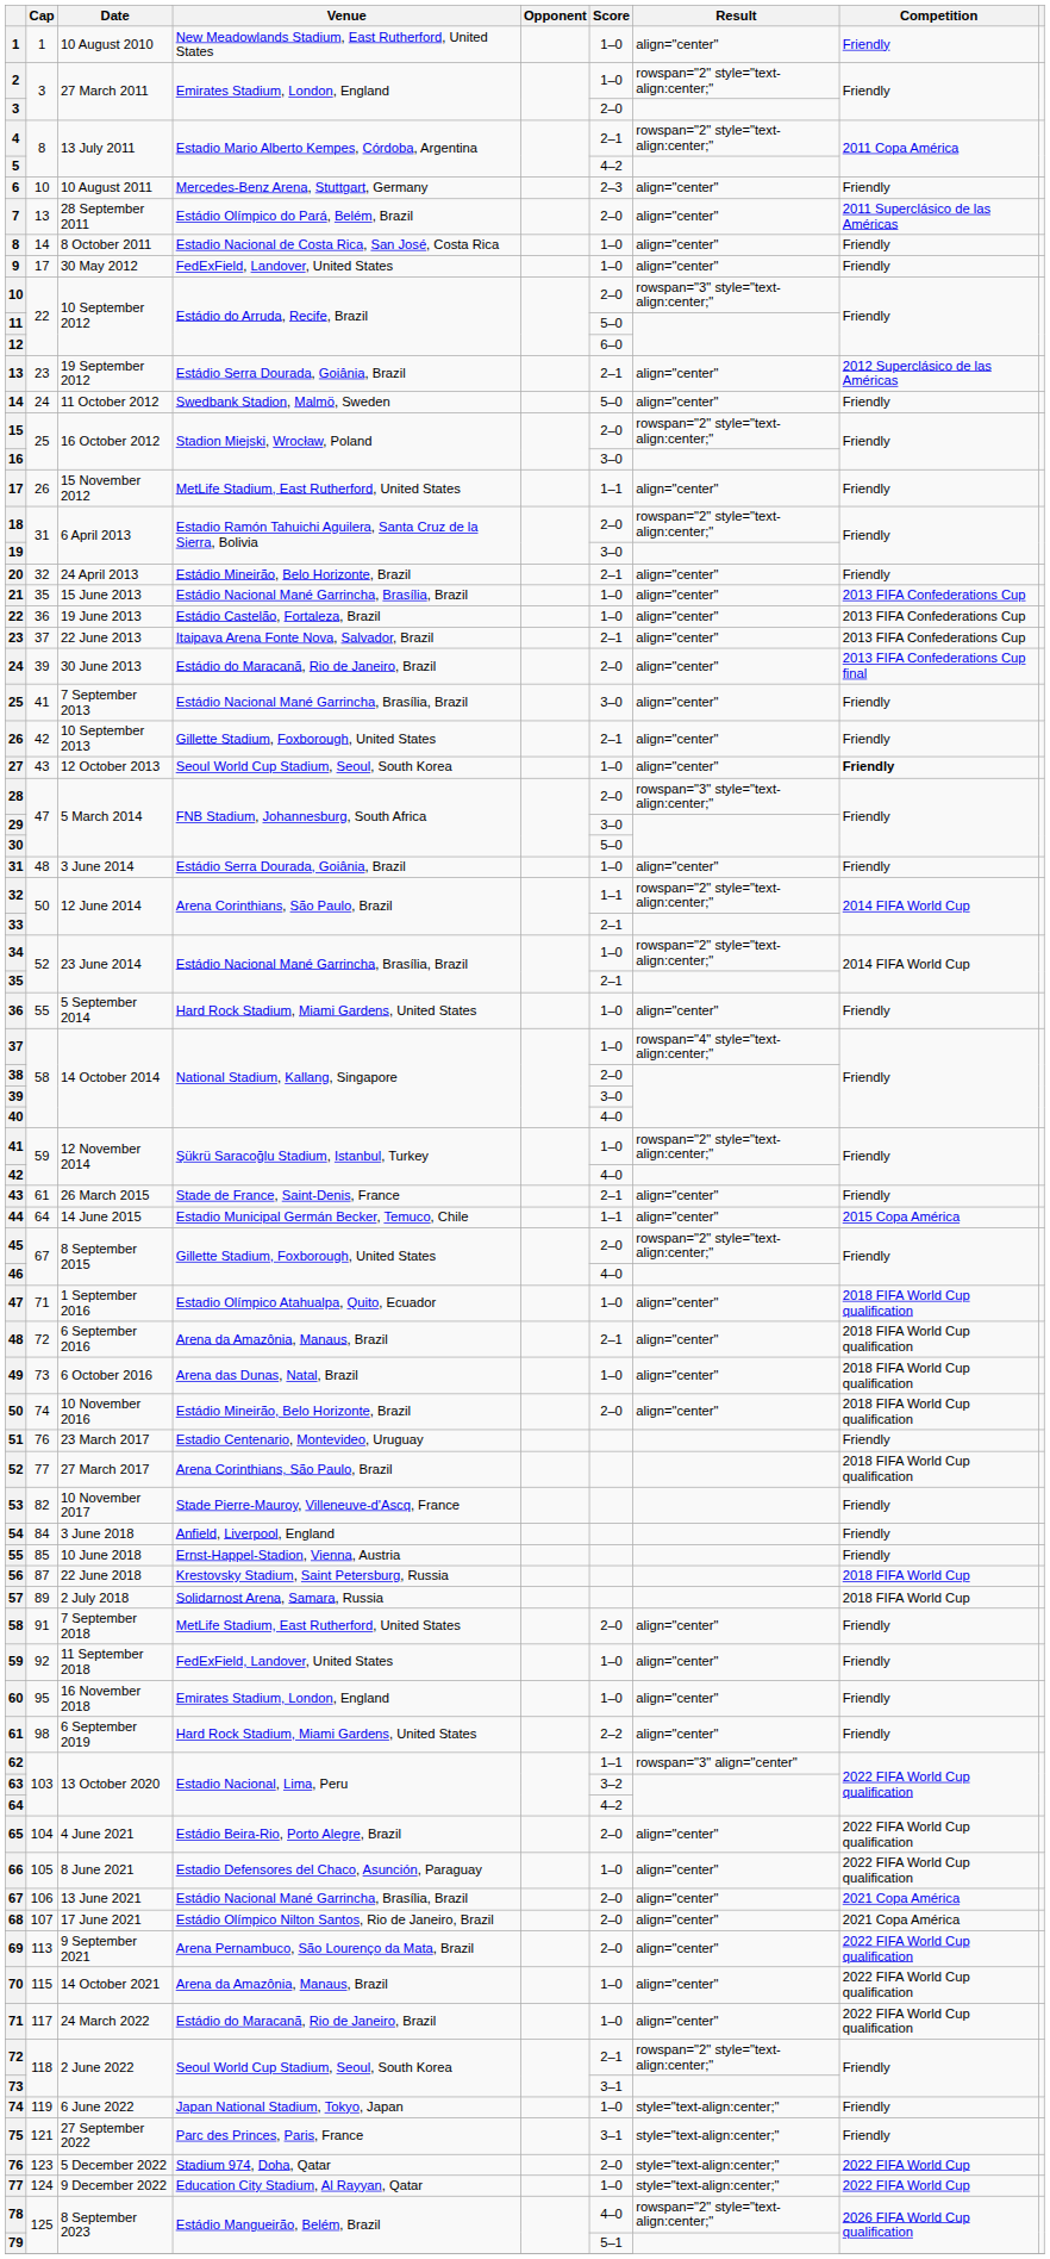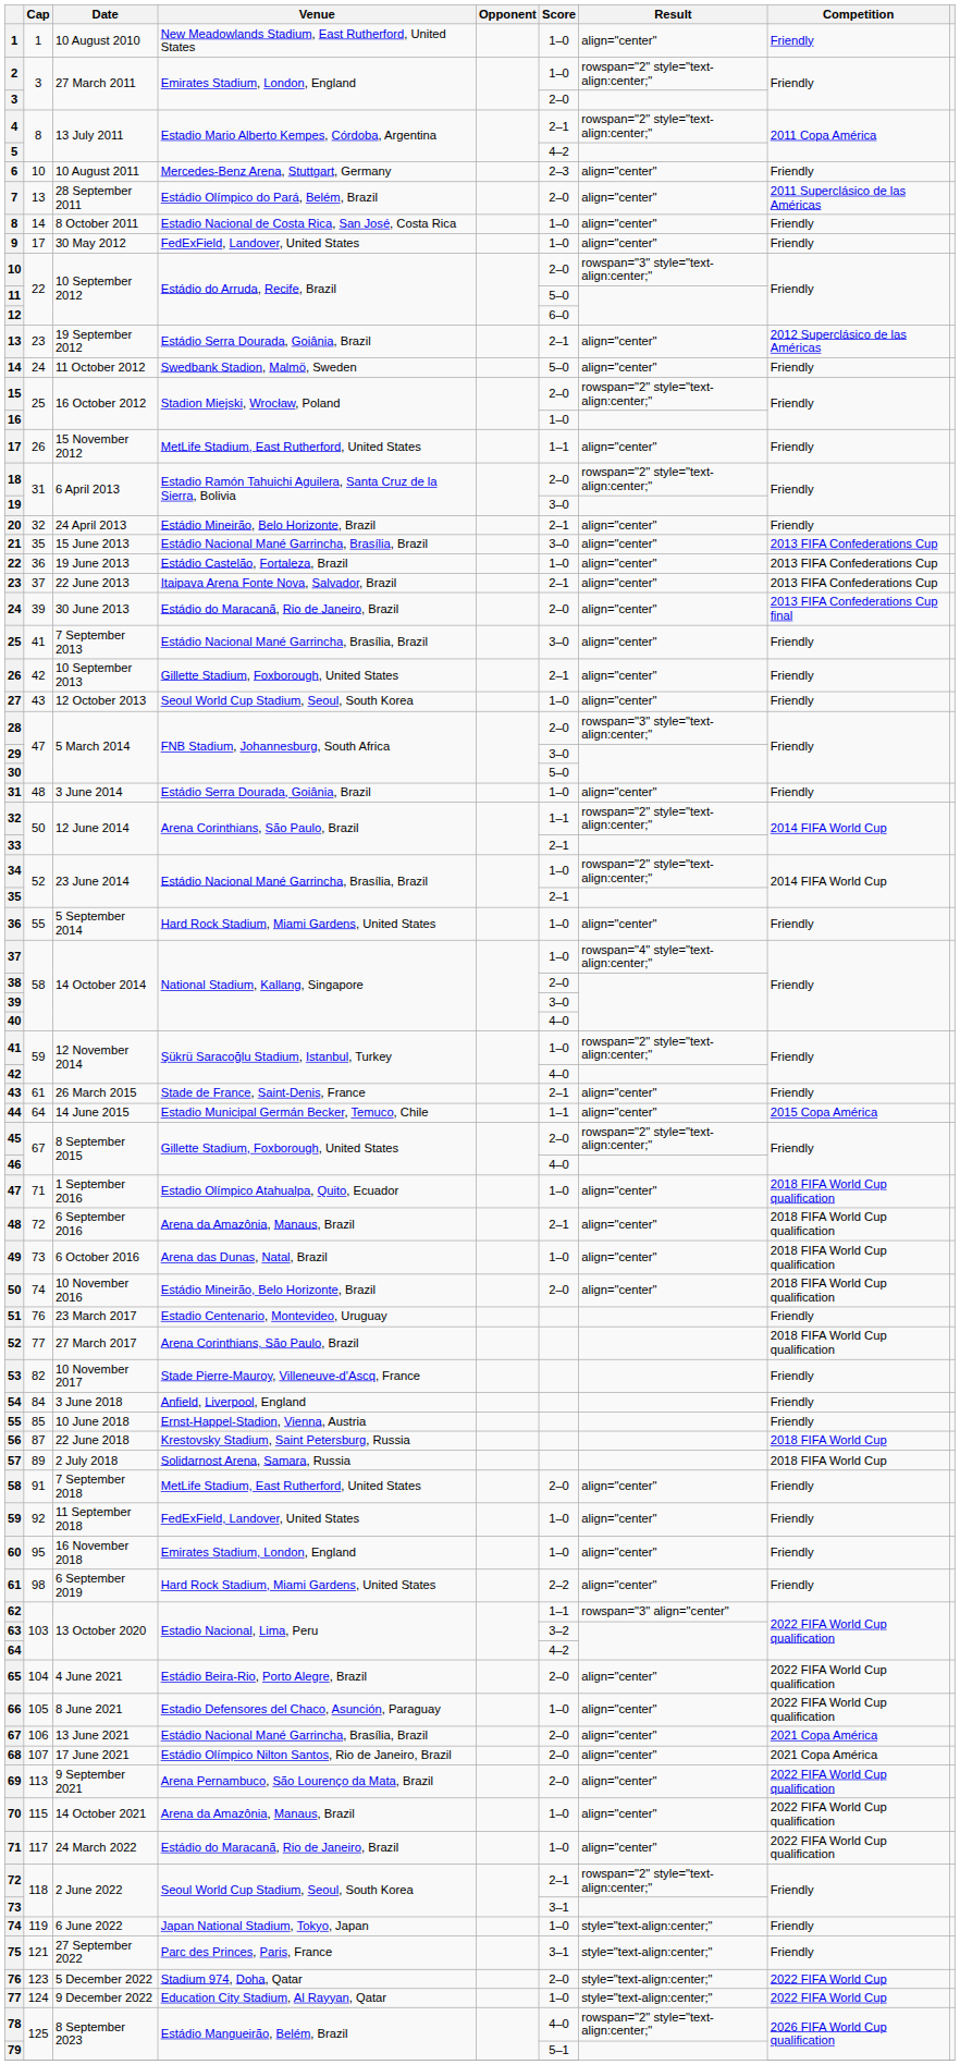 <table class="wikitable sortable">
 <tr>
 <th scope="col"></th>
 <th scope="col">Cap</th>
 <th scope="col">Date</th>
 <th scope="col">Venue</th>
 <th scope="col">Opponent</th>
 <th scope="col">Score</th>
 <th scope="col">Result</th>
 <th scope="col">Competition</th>
 <th scope="col" class="unsortable"></th>
 </tr>
 <tr>
 <th scope="row">1</th>
 <td align="center">1</td>
 <td>10 August 2010</td>
 <td><a href='#'>New Meadowlands Stadium</a>, <a href='#'>East Rutherford</a>, United States</td>
 <td></td>
 <td align="center">1–0</td>
 <td>align="center" </td>
 <td><a href='#'>Friendly</a></td>
 <td></td>
 </tr>
 <tr>
 <th scope="row">2</th>
 <td rowspan="2" align="center">3</td>
 <td rowspan="2">27 March 2011</td>
 <td rowspan="2"><a href='#'>Emirates Stadium</a>, <a href='#'>London</a>, England</td>
 <td rowspan="2"></td>
 <td align="center">1–0</td>
 <td>rowspan="2" style="text-align:center;" </td>
 <td rowspan="2">Friendly</td>
 <td rowspan="2"></td>
 </tr>
 <tr>
 <th scope="row">3</th>
 <td align="center">2–0</td>
 </tr>
 <tr>
 <th scope="row">4</th>
 <td rowspan="2" align="center">8</td>
 <td rowspan="2">13 July 2011</td>
 <td rowspan="2"><a href='#'>Estadio Mario Alberto Kempes</a>, <a href='#'>Córdoba</a>, Argentina</td>
 <td rowspan="2"></td>
 <td align="center">2–1</td>
 <td>rowspan="2" style="text-align:center;" </td>
 <td rowspan="2"><a href='#'>2011 Copa América</a></td>
 <td rowspan="2"></td>
 </tr>
 <tr>
 <th scope="row">5</th>
 <td align="center">4–2</td>
 </tr>
 <tr>
 <th scope="row">6</th>
 <td align="center">10</td>
 <td>10 August 2011</td>
 <td><a href='#'>Mercedes-Benz Arena</a>, <a href='#'>Stuttgart</a>, Germany</td>
 <td></td>
 <td align="center">2–3</td>
 <td>align="center" </td>
 <td>Friendly</td>
 <td></td>
 </tr>
 <tr>
 <th scope="row">7</th>
 <td align="center">13</td>
 <td>28 September 2011</td>
 <td><a href='#'>Estádio Olímpico do Pará</a>, <a href='#'>Belém</a>, Brazil</td>
 <td></td>
 <td align="center">2–0</td>
 <td>align="center"</td>
 <td><a href='#'>2011 Superclásico de las Américas</a></td>
 <td></td>
 </tr>
 <tr>
 <th scope="row">8</th>
 <td align="center">14</td>
 <td>8 October 2011</td>
 <td><a href='#'>Estadio Nacional de Costa Rica</a>, <a href='#'>San José</a>, Costa Rica</td>
 <td></td>
 <td align="center">1–0</td>
 <td>align="center" </td>
 <td>Friendly</td>
 <td></td>
 </tr>
 <tr>
 <th scope="row">9</th>
 <td align="center">17</td>
 <td>30 May 2012</td>
 <td><a href='#'>FedExField</a>, <a href='#'>Landover</a>, United States</td>
 <td></td>
 <td align="center">1–0</td>
 <td>align="center" </td>
 <td>Friendly</td>
 <td></td>
 </tr>
 <tr>
 <th scope="row">10</th>
 <td rowspan="3" align="center">22</td>
 <td rowspan="3">10 September 2012</td>
 <td rowspan="3"><a href='#'>Estádio do Arruda</a>, <a href='#'>Recife</a>, Brazil</td>
 <td rowspan="3"></td>
 <td align="center">2–0</td>
 <td>rowspan="3" style="text-align:center;" </td>
 <td rowspan="3">Friendly</td>
 <td rowspan="3"></td>
 </tr>
 <tr>
 <th scope="row">11</th>
 <td align="center">5–0</td>
 </tr>
 <tr>
 <th scope="row">12</th>
 <td align="center">6–0</td>
 </tr>
 <tr>
 <th scope="row">13</th>
 <td align="center">23</td>
 <td>19 September 2012</td>
 <td><a href='#'>Estádio Serra Dourada</a>, <a href='#'>Goiânia</a>, Brazil</td>
 <td></td>
 <td align="center">2–1</td>
 <td>align="center" </td>
 <td><a href='#'>2012 Superclásico de las Américas</a></td>
 <td></td>
 </tr>
 <tr>
 <th scope="row">14</th>
 <td align="center">24</td>
 <td>11 October 2012</td>
 <td><a href='#'>Swedbank Stadion</a>, <a href='#'>Malmö</a>, Sweden</td>
 <td></td>
 <td align="center">5–0</td>
 <td>align="center" </td>
 <td>Friendly</td>
 <td></td>
 </tr>
 <tr>
 <th scope="row">15</th>
 <td rowspan="2" align="center">25</td>
 <td rowspan="2">16 October 2012</td>
 <td rowspan="2"><a href='#'>Stadion Miejski</a>, <a href='#'>Wrocław</a>, Poland</td>
 <td rowspan="2"></td>
 <td align="center">2–0</td>
 <td>rowspan="2" style="text-align:center;" </td>
 <td rowspan="2">Friendly</td>
 <td rowspan="2"></td>
 </tr>
 <tr>
 <th scope="row">16</th>
-<td align="center">3–0</td>
+<td align="center">1–0</td>
 </tr>
 <tr>
 <th scope="row">17</th>
 <td align="center">26</td>
 <td>15 November 2012</td>
 <td><a href='#'>MetLife Stadium, East Rutherford</a>, United States</td>
 <td></td>
 <td align="center">1–1</td>
 <td>align="center" </td>
 <td>Friendly</td>
 <td></td>
 </tr>
 <tr>
 <th scope="row">18</th>
 <td rowspan="2" align="center">31</td>
 <td rowspan="2">6 April 2013</td>
 <td rowspan="2"><a href='#'>Estadio Ramón Tahuichi Aguilera</a>, <a href='#'>Santa Cruz de la Sierra</a>, Bolivia</td>
 <td rowspan="2"></td>
 <td align="center">2–0</td>
 <td>rowspan="2" style="text-align:center;" </td>
 <td rowspan="2">Friendly</td>
 <td rowspan="2"></td>
 </tr>
 <tr>
 <th scope="row">19</th>
 <td align="center">3–0</td>
 </tr>
 <tr>
 <th scope="row">20</th>
 <td align="center">32</td>
 <td>24 April 2013</td>
 <td><a href='#'>Estádio Mineirão</a>, <a href='#'>Belo Horizonte</a>, Brazil</td>
 <td></td>
 <td align="center">2–1</td>
 <td>align="center" </td>
 <td>Friendly</td>
 <td></td>
 </tr>
 <tr>
 <th scope="row">21</th>
 <td align="center">35</td>
 <td>15 June 2013</td>
 <td><a href='#'>Estádio Nacional Mané Garrincha</a>, <a href='#'>Brasília</a>, Brazil</td>
 <td></td>
-<td align="center">1–0</td>
+<td align="center">3–0</td>
 <td>align="center" </td>
 <td><a href='#'>2013 FIFA Confederations Cup</a></td>
 <td></td>
 </tr>
 <tr>
 <th scope="row">22</th>
 <td align="center">36</td>
 <td>19 June 2013</td>
 <td><a href='#'>Estádio Castelão</a>, <a href='#'>Fortaleza</a>, Brazil</td>
 <td></td>
 <td align="center">1–0</td>
 <td>align="center" </td>
 <td>2013 FIFA Confederations Cup</td>
 <td></td>
 </tr>
 <tr>
 <th scope="row">23</th>
 <td align="center">37</td>
 <td>22 June 2013</td>
 <td><a href='#'>Itaipava Arena Fonte Nova</a>, <a href='#'>Salvador</a>, Brazil</td>
 <td></td>
 <td align="center">2–1</td>
 <td>align="center" </td>
 <td>2013 FIFA Confederations Cup</td>
 <td></td>
 </tr>
 <tr>
 <th scope="row">24</th>
 <td align="center">39</td>
 <td>30 June 2013</td>
 <td><a href='#'>Estádio do Maracanã</a>, <a href='#'>Rio de Janeiro</a>, Brazil</td>
 <td></td>
 <td align="center">2–0</td>
 <td>align="center" </td>
 <td><a href='#'>2013 FIFA Confederations Cup final</a></td>
 <td></td>
 </tr>
 <tr>
 <th scope="row">25</th>
 <td align="center">41</td>
 <td>7 September 2013</td>
 <td><a href='#'>Estádio Nacional Mané Garrincha</a>, Brasília, Brazil</td>
 <td></td>
 <td align="center">3–0</td>
 <td>align="center" </td>
 <td>Friendly</td>
 <td></td>
 </tr>
 <tr>
 <th scope="row">26</th>
 <td align="center">42</td>
 <td>10 September 2013</td>
 <td><a href='#'>Gillette Stadium</a>, <a href='#'>Foxborough</a>, United States</td>
 <td></td>
 <td align="center">2–1</td>
 <td>align="center" </td>
 <td>Friendly</td>
 <td></td>
 </tr>
 <tr>
 <th scope="row">27</th>
 <td align="center">43</td>
 <td>12 October 2013</td>
 <td><a href='#'>Seoul World Cup Stadium</a>, <a href='#'>Seoul</a>, South Korea</td>
 <td></td>
 <td align="center">1–0</td>
 <td>align="center" </td>
-<td><strong>Friendly</strong></td>
+<td>Friendly</td>
 <td></td>
 </tr>
 <tr>
 <th scope="row">28</th>
 <td rowspan="3" align="center">47</td>
 <td rowspan="3">5 March 2014</td>
 <td rowspan="3"><a href='#'>FNB Stadium</a>, <a href='#'>Johannesburg</a>, South Africa</td>
 <td rowspan="3"></td>
 <td align="center">2–0</td>
 <td>rowspan="3" style="text-align:center;" </td>
 <td rowspan="3">Friendly</td>
 <td rowspan="3"></td>
 </tr>
 <tr>
 <th scope="row">29</th>
 <td align="center">3–0</td>
 </tr>
 <tr>
 <th scope="row">30</th>
 <td align="center">5–0</td>
 </tr>
 <tr>
 <th scope="row">31</th>
 <td align="center">48</td>
 <td>3 June 2014</td>
 <td><a href='#'>Estádio Serra Dourada, Goiânia</a>, Brazil</td>
 <td></td>
 <td align="center">1–0</td>
 <td>align="center" </td>
 <td>Friendly</td>
 <td></td>
 </tr>
 <tr>
 <th scope="row">32</th>
 <td rowspan="2" align="center">50</td>
 <td rowspan="2">12 June 2014</td>
 <td rowspan="2"><a href='#'>Arena Corinthians</a>, <a href='#'>São Paulo</a>, Brazil</td>
 <td rowspan="2"></td>
 <td align="center">1–1</td>
 <td>rowspan="2" style="text-align:center;" </td>
 <td rowspan="2"><a href='#'>2014 FIFA World Cup</a></td>
 <td rowspan="2"></td>
 </tr>
 <tr>
 <th scope="row">33</th>
 <td align="center">2–1</td>
 </tr>
 <tr>
 <th scope="row">34</th>
 <td rowspan="2" align="center">52</td>
 <td rowspan="2">23 June 2014</td>
 <td rowspan="2"><a href='#'>Estádio Nacional Mané Garrincha</a>, Brasília, Brazil</td>
 <td rowspan="2"></td>
 <td align="center">1–0</td>
 <td>rowspan="2" style="text-align:center;" </td>
 <td rowspan="2">2014 FIFA World Cup</td>
 <td rowspan="2"></td>
 </tr>
 <tr>
 <th scope="row">35</th>
 <td align="center">2–1</td>
 </tr>
 <tr>
 <th scope="row">36</th>
 <td align="center">55</td>
 <td>5 September 2014</td>
 <td><a href='#'>Hard Rock Stadium</a>, <a href='#'>Miami Gardens</a>, United States</td>
 <td></td>
 <td align="center">1–0</td>
 <td>align="center" </td>
 <td>Friendly</td>
 <td></td>
 </tr>
 <tr>
 <th scope="row">37</th>
 <td rowspan="4" align="center">58</td>
 <td rowspan="4">14 October 2014</td>
 <td rowspan="4"><a href='#'>National Stadium</a>, <a href='#'>Kallang</a>, Singapore</td>
 <td rowspan="4"></td>
 <td align="center">1–0</td>
 <td>rowspan="4" style="text-align:center;" </td>
 <td rowspan="4">Friendly</td>
 <td rowspan="4"></td>
 </tr>
 <tr>
 <th scope="row">38</th>
 <td align="center">2–0</td>
 </tr>
 <tr>
 <th scope="row">39</th>
 <td align="center">3–0</td>
 </tr>
 <tr>
 <th scope="row">40</th>
 <td align="center">4–0</td>
 </tr>
 <tr>
 <th scope="row">41</th>
 <td rowspan="2" align="center">59</td>
 <td rowspan="2">12 November 2014</td>
 <td rowspan="2"><a href='#'>Şükrü Saracoğlu Stadium</a>, <a href='#'>Istanbul</a>, Turkey</td>
 <td rowspan="2"></td>
 <td align="center">1–0</td>
 <td>rowspan="2" style="text-align:center;" </td>
 <td rowspan="2">Friendly</td>
 <td rowspan="2"></td>
 </tr>
 <tr>
 <th scope="row">42</th>
 <td align="center">4–0</td>
 </tr>
 <tr>
 <th scope="row">43</th>
 <td align="center">61</td>
 <td>26 March 2015</td>
 <td><a href='#'>Stade de France</a>, <a href='#'>Saint-Denis</a>, France</td>
 <td></td>
 <td align="center">2–1</td>
 <td>align="center" </td>
 <td>Friendly</td>
 <td></td>
 </tr>
 <tr>
 <th scope="row">44</th>
 <td align="center">64</td>
 <td>14 June 2015</td>
 <td><a href='#'>Estadio Municipal Germán Becker</a>, <a href='#'>Temuco</a>, Chile</td>
 <td></td>
 <td align="center">1–1</td>
 <td>align="center" </td>
 <td><a href='#'>2015 Copa América</a></td>
 <td></td>
 </tr>
 <tr>
 <th scope="row">45</th>
 <td rowspan="2" align="center">67</td>
 <td rowspan="2">8 September 2015</td>
 <td rowspan="2"><a href='#'>Gillette Stadium, Foxborough</a>, United States</td>
 <td rowspan="2"></td>
 <td align="center">2–0</td>
 <td>rowspan="2" style="text-align:center;" </td>
 <td rowspan="2">Friendly</td>
 <td rowspan="2"></td>
 </tr>
 <tr>
 <th scope="row">46</th>
 <td align="center">4–0</td>
 </tr>
 <tr>
 <th scope="row">47</th>
 <td align="center">71</td>
 <td>1 September 2016</td>
 <td><a href='#'>Estadio Olímpico Atahualpa</a>, <a href='#'>Quito</a>, Ecuador</td>
 <td></td>
 <td align="center">1–0</td>
 <td>align="center" </td>
 <td><a href='#'>2018 FIFA World Cup qualification</a></td>
 <td></td>
 </tr>
 <tr>
 <th scope="row">48</th>
 <td align="center">72</td>
 <td>6 September 2016</td>
 <td><a href='#'>Arena da Amazônia</a>, <a href='#'>Manaus</a>, Brazil</td>
 <td></td>
 <td align="center">2–1</td>
 <td>align="center" </td>
 <td>2018 FIFA World Cup qualification</td>
 <td></td>
 </tr>
 <tr>
 <th scope="row">49</th>
 <td align="center">73</td>
 <td>6 October 2016</td>
 <td><a href='#'>Arena das Dunas</a>, <a href='#'>Natal</a>, Brazil</td>
 <td></td>
 <td align="center">1–0</td>
 <td>align="center" </td>
 <td>2018 FIFA World Cup qualification</td>
 <td></td>
 </tr>
 <tr>
 <th scope="row">50</th>
 <td align="center">74</td>
 <td>10 November 2016</td>
 <td><a href='#'>Estádio Mineirão, Belo Horizonte</a>, Brazil</td>
 <td></td>
 <td align="center">2–0</td>
 <td>align="center" </td>
 <td>2018 FIFA World Cup qualification</td>
 <td></td>
 </tr>
 <tr>
 <th scope="row">51</th>
 <td align="center">76</td>
 <td>23 March 2017</td>
 <td><a href='#'>Estadio Centenario</a>, <a href='#'>Montevideo</a>, Uruguay</td>
 <td></td>
 <td></td>
 <td></td>
 <td>Friendly</td>
 <td></td>
 </tr>
 <tr>
 <th scope="row">52</th>
 <td align="center">77</td>
 <td>27 March 2017</td>
 <td><a href='#'>Arena Corinthians, São Paulo</a>, Brazil</td>
 <td></td>
 <td></td>
 <td></td>
 <td>2018 FIFA World Cup qualification</td>
 <td></td>
 </tr>
 <tr>
 <th scope="row">53</th>
 <td align="center">82</td>
 <td>10 November 2017</td>
 <td><a href='#'>Stade Pierre-Mauroy</a>, <a href='#'>Villeneuve-d'Ascq</a>, France</td>
 <td></td>
 <td></td>
 <td></td>
 <td>Friendly</td>
 <td></td>
 </tr>
 <tr>
 <th scope="row">54</th>
 <td align="center">84</td>
 <td>3 June 2018</td>
 <td><a href='#'>Anfield</a>, <a href='#'>Liverpool</a>, England</td>
 <td></td>
 <td></td>
 <td></td>
 <td>Friendly</td>
 <td></td>
 </tr>
 <tr>
 <th scope="row">55</th>
 <td align="center">85</td>
 <td>10 June 2018</td>
 <td><a href='#'>Ernst-Happel-Stadion</a>, <a href='#'>Vienna</a>, Austria</td>
 <td></td>
 <td></td>
 <td></td>
 <td>Friendly</td>
 <td></td>
 </tr>
 <tr>
 <th scope="row">56</th>
 <td align="center">87</td>
 <td>22 June 2018</td>
 <td><a href='#'>Krestovsky Stadium</a>, <a href='#'>Saint Petersburg</a>, Russia</td>
 <td></td>
 <td></td>
 <td></td>
 <td><a href='#'>2018 FIFA World Cup</a></td>
 <td></td>
 </tr>
 <tr>
 <th scope="row">57</th>
 <td align="center">89</td>
 <td>2 July 2018</td>
 <td><a href='#'>Solidarnost Arena</a>, <a href='#'>Samara</a>, Russia</td>
 <td></td>
 <td></td>
 <td></td>
 <td>2018 FIFA World Cup</td>
 <td></td>
 </tr>
 <tr>
 <th scope="row">58</th>
 <td align="center">91</td>
 <td>7 September 2018</td>
 <td><a href='#'>MetLife Stadium, East Rutherford</a>, United States</td>
 <td></td>
 <td align="center">2–0</td>
 <td>align="center" </td>
 <td>Friendly</td>
 <td></td>
 </tr>
 <tr>
 <th scope="row">59</th>
 <td align="center">92</td>
 <td>11 September 2018</td>
 <td><a href='#'>FedExField, Landover</a>, United States</td>
 <td></td>
 <td align="center">1–0</td>
 <td>align="center" </td>
 <td>Friendly</td>
 <td></td>
 </tr>
 <tr>
 <th scope="row">60</th>
 <td align="center">95</td>
 <td>16 November 2018</td>
 <td><a href='#'>Emirates Stadium, London</a>, England</td>
 <td></td>
 <td align="center">1–0</td>
 <td>align="center" </td>
 <td>Friendly</td>
 <td></td>
 </tr>
 <tr>
 <th scope="row">61</th>
 <td align="center">98</td>
 <td>6 September 2019</td>
 <td><a href='#'>Hard Rock Stadium, Miami Gardens</a>, United States</td>
 <td></td>
 <td align="center">2–2</td>
 <td>align="center" </td>
 <td>Friendly</td>
 <td></td>
 </tr>
 <tr>
 <th scope="row">62</th>
 <td rowspan="3" align="center">103</td>
 <td rowspan="3">13 October 2020</td>
 <td rowspan="3"><a href='#'>Estadio Nacional</a>, <a href='#'>Lima</a>, Peru</td>
 <td rowspan="3"></td>
 <td align="center">1–1</td>
 <td>rowspan="3" align="center" </td>
 <td rowspan="3"><a href='#'>2022 FIFA World Cup qualification</a></td>
 <td rowspan="3"></td>
 </tr>
 <tr>
 <th scope="row">63</th>
 <td align="center">3–2</td>
 </tr>
 <tr>
 <th scope="row">64</th>
 <td align="center">4–2</td>
 </tr>
 <tr>
 <th scope="row">65</th>
 <td align="center">104</td>
 <td>4 June 2021</td>
 <td><a href='#'>Estádio Beira-Rio</a>, <a href='#'>Porto Alegre</a>, Brazil</td>
 <td></td>
 <td align="center">2–0</td>
 <td>align="center" </td>
 <td>2022 FIFA World Cup qualification</td>
 <td></td>
 </tr>
 <tr>
 <th scope="row">66</th>
 <td align="center">105</td>
 <td>8 June 2021</td>
 <td><a href='#'>Estadio Defensores del Chaco</a>, <a href='#'>Asunción</a>, Paraguay</td>
 <td></td>
 <td align="center">1–0</td>
 <td>align="center" </td>
 <td>2022 FIFA World Cup qualification</td>
 <td></td>
 </tr>
 <tr>
 <th scope="row">67</th>
 <td align="center">106</td>
 <td>13 June 2021</td>
 <td><a href='#'>Estádio Nacional Mané Garrincha</a>, Brasília, Brazil</td>
 <td></td>
 <td align="center">2–0</td>
 <td>align="center" </td>
 <td><a href='#'>2021 Copa América</a></td>
 <td></td>
 </tr>
 <tr>
 <th scope="row">68</th>
 <td align="center">107</td>
 <td>17 June 2021</td>
 <td><a href='#'>Estádio Olímpico Nilton Santos</a>, Rio de Janeiro, Brazil</td>
 <td></td>
 <td align="center">2–0</td>
 <td>align="center" </td>
 <td>2021 Copa América</td>
 <td></td>
 </tr>
 <tr>
 <th scope="row">69</th>
 <td align="center">113</td>
 <td>9 September 2021</td>
 <td><a href='#'>Arena Pernambuco</a>, <a href='#'>São Lourenço da Mata</a>, Brazil</td>
 <td></td>
 <td align="center">2–0</td>
 <td>align="center" </td>
 <td><a href='#'>2022 FIFA World Cup qualification</a></td>
 <td></td>
 </tr>
 <tr>
 <th scope="row">70</th>
 <td align="center">115</td>
 <td>14 October 2021</td>
 <td><a href='#'>Arena da Amazônia</a>, <a href='#'>Manaus</a>, Brazil</td>
 <td></td>
 <td align="center">1–0</td>
 <td>align="center" </td>
 <td>2022 FIFA World Cup qualification</td>
 <td></td>
 </tr>
 <tr>
 <th scope="row">71</th>
 <td align="center">117</td>
 <td>24 March 2022</td>
 <td><a href='#'>Estádio do Maracanã</a>, <a href='#'>Rio de Janeiro</a>, Brazil</td>
 <td></td>
 <td align="center">1–0</td>
 <td>align="center" </td>
 <td>2022 FIFA World Cup qualification</td>
 <td></td>
 </tr>
 <tr>
 <th scope="row">72</th>
 <td rowspan="2" align="center">118</td>
 <td rowspan="2">2 June 2022</td>
 <td rowspan="2"><a href='#'>Seoul World Cup Stadium</a>, <a href='#'>Seoul</a>, South Korea</td>
 <td rowspan="2"></td>
 <td align="center">2–1</td>
 <td>rowspan="2" style="text-align:center;" </td>
 <td rowspan="2">Friendly</td>
 <td rowspan="2"></td>
 </tr>
 <tr>
 <th scope="row">73</th>
 <td align="center">3–1</td>
 </tr>
 <tr>
 <th scope="row">74</th>
 <td align="center">119</td>
 <td>6 June 2022</td>
 <td><a href='#'>Japan National Stadium</a>, <a href='#'>Tokyo</a>, Japan</td>
 <td></td>
 <td align="center">1–0</td>
 <td>style="text-align:center;" </td>
 <td>Friendly</td>
 <td></td>
 </tr>
 <tr>
 <th scope="row">75</th>
 <td align="center">121</td>
 <td>27 September 2022</td>
 <td><a href='#'>Parc des Princes</a>, <a href='#'>Paris</a>, France</td>
 <td></td>
 <td align="center">3–1</td>
 <td>style="text-align:center;" </td>
 <td>Friendly</td>
 <td></td>
 </tr>
 <tr>
 <th scope="row">76</th>
 <td align="center">123</td>
 <td>5 December 2022</td>
 <td><a href='#'>Stadium 974</a>, <a href='#'>Doha</a>, Qatar</td>
 <td></td>
 <td align="center">2–0</td>
 <td>style="text-align:center;" </td>
 <td><a href='#'>2022 FIFA World Cup</a></td>
 <td></td>
 </tr>
 <tr>
 <th scope="row">77</th>
 <td align="center">124</td>
 <td>9 December 2022</td>
 <td><a href='#'>Education City Stadium</a>, <a href='#'>Al Rayyan</a>, Qatar</td>
 <td></td>
 <td align="center">1–0</td>
 <td>style="text-align:center;"  </td>
 <td><a href='#'>2022 FIFA World Cup</a></td>
 <td></td>
 </tr>
 <tr>
 <th scope="row">78</th>
 <td rowspan="2" align="center">125</td>
 <td rowspan="2">8 September 2023</td>
 <td rowspan="2"><a href='#'>Estádio Mangueirão</a>, <a href='#'>Belém</a>, Brazil</td>
 <td rowspan="2"></td>
 <td align="center">4–0</td>
 <td>rowspan="2" style="text-align:center;" </td>
 <td rowspan="2"><a href='#'>2026 FIFA World Cup qualification</a></td>
 <td rowspan="2"></td>
 </tr>
 <tr>
 <th scope="row">79</th>
 <td align="center">5–1</td>
 </tr>
 <tr>
 </tr>
 </table>
